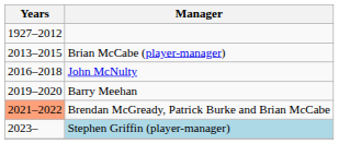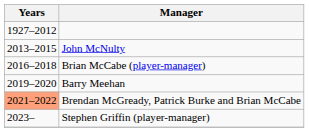 <table class="wikitable">
 <tr>
 <th>Years</th>
 <th>Manager</th>
 </tr>
 <tr>
 <td>1927–2012</td>
 <td></td>
 </tr>
 <tr>
 <td>2013–2015</td>
-<td>Brian McCabe (<a href='#'>player-manager</a>)</td>
+<td><a href='#'>John McNulty</a></td>
 </tr>
 <tr>
 <td>2016–2018</td>
-<td><a href='#'>John McNulty</a></td>
+<td>Brian McCabe (<a href='#'>player-manager</a>)</td>
 </tr>
 <tr>
 <td>2019–2020</td>
 <td>Barry Meehan</td>
 </tr>
 <tr>
 <td style="background: lightsalmon;">2021–2022</td>
 <td>Brendan McGready, Patrick Burke and Brian McCabe</td>
 </tr>
 <tr>
 <td>2023–</td>
-<td style="background: lightblue;">Stephen Griffin (player-manager)</td>
+<td>Stephen Griffin (player-manager)</td>
 </tr>
 <tr>
 </tr>
 </table>
